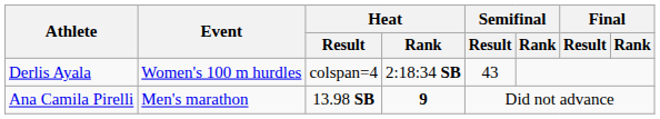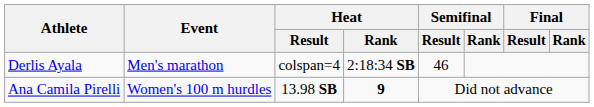 <table class="wikitable" style="font-size:90%">
 <tr>
 <th rowspan="2">Athlete</th>
 <th rowspan="2">Event</th>
 <th colspan="2">Heat</th>
 <th colspan="2">Semifinal</th>
 <th colspan="2">Final</th>
 </tr>
 <tr style="font-size:95%">
 <th>Result</th>
 <th>Rank</th>
 <th>Result</th>
 <th>Rank</th>
 <th>Result</th>
 <th>Rank</th>
 </tr>
 <tr align=center>
 <td align=left><a href='#'>Derlis Ayala</a></td>
-<td align=left><a href='#'>Women's 100 m hurdles</a></td>
+<td align=left><a href='#'>Men's marathon</a></td>
 <td>colspan=4 </td>
 <td>2:18:34 <strong>SB</strong></td>
-<td>43</td>
+<td>46</td>
 </tr>
 <tr align=center>
 <td align=left><a href='#'>Ana Camila Pirelli</a></td>
-<td align=left><a href='#'>Men's marathon</a></td>
+<td align=left><a href='#'>Women's 100 m hurdles</a></td>
 <td>13.98 <strong>SB</strong></td>
 <td><strong>9</strong></td>
 <td colspan="4">Did not advance</td>
 </tr>
 </table>
